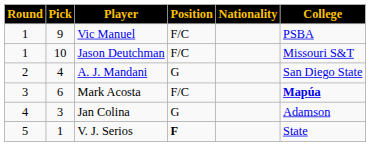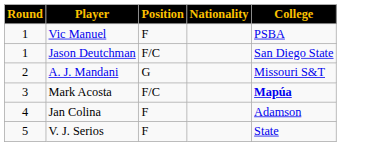 <table class="wikitable sortable sortable">
 <tr>
 <th style="background:#000000; color:#FCC200; ">Round</th>
-<th style="background:#000000; color:#FCC200; ">Pick</th>
 <th style="background:#000000; color:#FCC200; ">Player</th>
 <th style="background:#000000; color:#FCC200; ">Position</th>
 <th style="background:#000000; color:#FCC200; ">Nationality</th>
 <th style="background:#000000; color:#FCC200; ">College</th>
 </tr>
 <tr>
 <td align=center>1</td>
-<td align=center>9</td>
 <td><a href='#'>Vic Manuel</a></td>
-<td>F/C</td>
+<td>F</td>
 <td></td>
 <td><a href='#'>PSBA</a></td>
 </tr>
 <tr>
 <td align=center>1</td>
-<td align=center>10</td>
 <td><a href='#'>Jason Deutchman</a></td>
 <td>F/C</td>
+<td></td>
+<td><a href='#'>San Diego State</a></td>
+</tr>
+<tr>
+<td align=center>2</td>
+<td><a href='#'>A. J. Mandani</a></td>
+<td>G</td>
 <td></td>
 <td><a href='#'>Missouri S&T</a></td>
 </tr>
 <tr>
-<td align=center>2</td>
-<td align=center>4</td>
-<td><a href='#'>A. J. Mandani</a></td>
-<td>G</td>
-<td></td>
-<td><a href='#'>San Diego State</a></td>
-</tr>
-<tr>
 <td align=center>3</td>
-<td align=center>6</td>
 <td>Mark Acosta</td>
 <td>F/C</td>
 <td></td>
 <td><strong><a href='#'>Mapúa</a></strong></td>
 </tr>
 <tr>
 <td align=center>4</td>
-<td align=center>3</td>
 <td>Jan Colina</td>
-<td>G</td>
+<td>F</td>
 <td></td>
 <td><a href='#'>Adamson</a></td>
 </tr>
 <tr>
 <td align=center>5</td>
-<td align=center>1</td>
 <td>V. J. Serios</td>
-<td><strong>F</strong></td>
+<td>F</td>
 <td></td>
 <td><a href='#'>State</a></td>
 </tr>
 </table>
